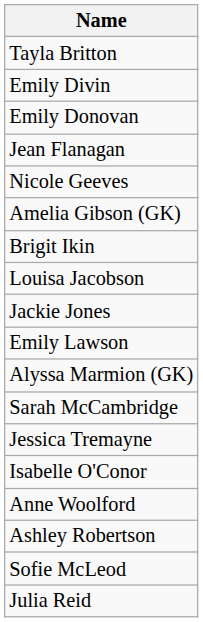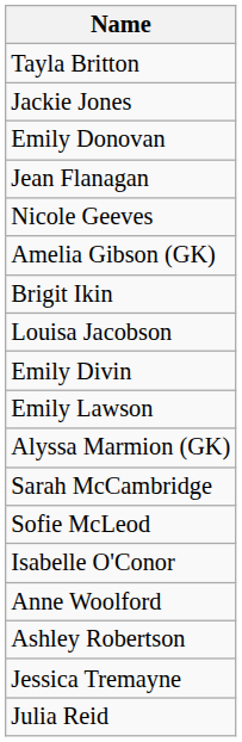 <table class="wikitable">
 <tr>
 <th>Name</th>
 </tr>
 <tr>
 <td>Tayla Britton</td>
 </tr>
 <tr>
-<td>Emily Divin</td>
+<td>Jackie Jones</td>
 </tr>
 <tr>
 <td>Emily Donovan</td>
 </tr>
 <tr>
 <td>Jean Flanagan</td>
 </tr>
 <tr>
 <td>Nicole Geeves</td>
 </tr>
 <tr>
 <td>Amelia Gibson (GK)</td>
 </tr>
 <tr>
 <td>Brigit Ikin</td>
 </tr>
 <tr>
 <td>Louisa Jacobson</td>
 </tr>
 <tr>
-<td>Jackie Jones</td>
+<td>Emily Divin</td>
 </tr>
 <tr>
 <td>Emily Lawson</td>
 </tr>
 <tr>
 <td>Alyssa Marmion (GK)</td>
 </tr>
 <tr>
 <td>Sarah McCambridge</td>
 </tr>
 <tr>
-<td>Jessica Tremayne</td>
+<td>Sofie McLeod</td>
 </tr>
 <tr>
 <td>Isabelle O'Conor</td>
 </tr>
 <tr>
 <td>Anne Woolford</td>
 </tr>
 <tr>
 <td>Ashley Robertson</td>
 </tr>
 <tr>
-<td>Sofie McLeod</td>
+<td>Jessica Tremayne</td>
 </tr>
 <tr>
 <td>Julia Reid</td>
 </tr>
 </table>
